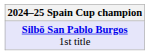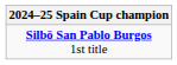 <table class="wikitable" style="text-align:center; margin:auto">
 <tr>
 <th>2024–25 Spain Cup champion</th>
 </tr>
 <tr>
-<td style="background: lavender;"><strong><a href='#'>Silbö San Pablo Burgos</a></strong><br>1st title</td>
+<td><strong><a href='#'>Silbö San Pablo Burgos</a></strong><br>1st title</td>
 </tr>
 </table>
